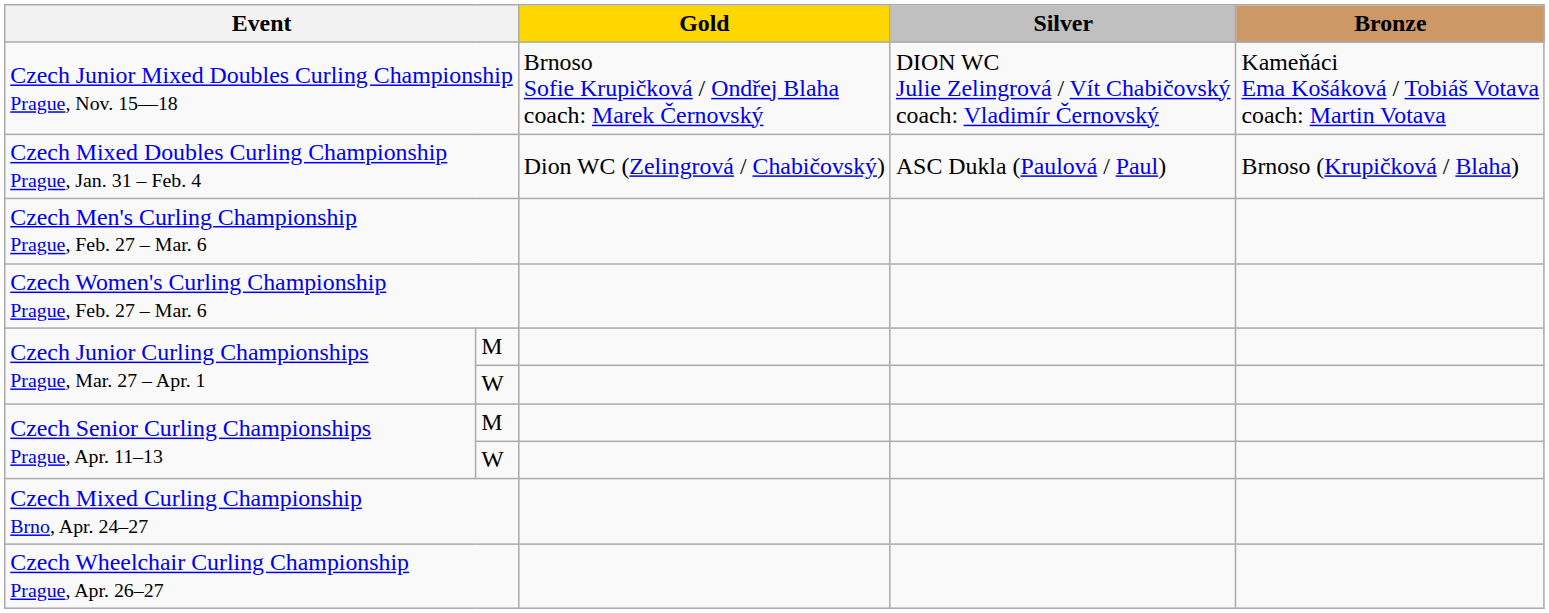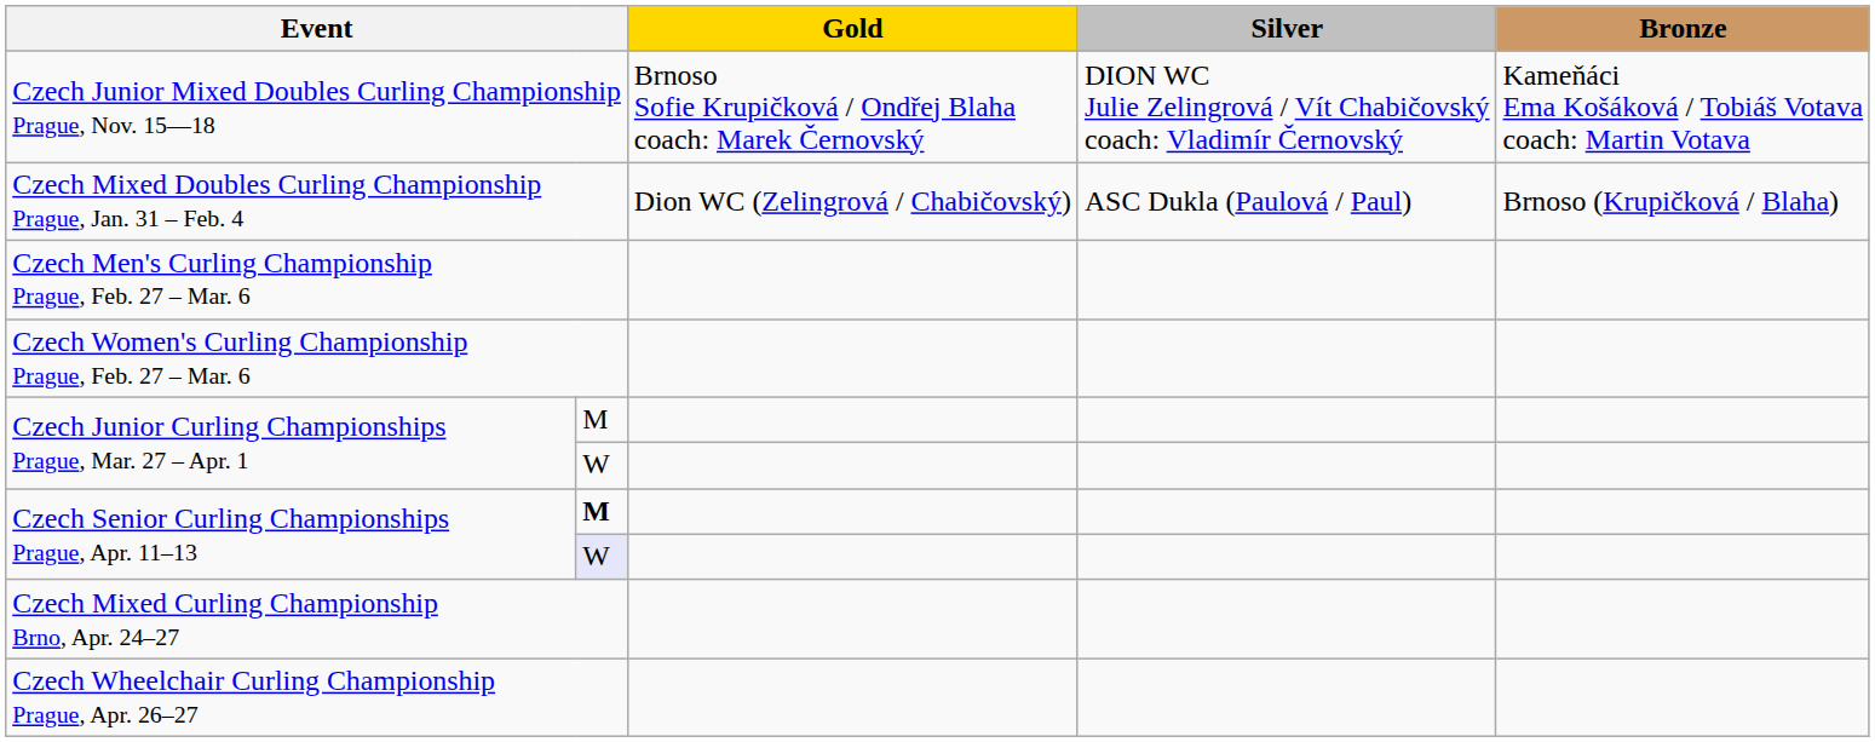 <table class="wikitable">
 <tr>
 <th colspan="2">Event</th>
 <th style="background:gold">Gold</th>
 <th style="background:silver">Silver</th>
 <th style="background:#cc9966">Bronze</th>
 </tr>
 <tr>
 <td colspan="2"><a href='#'>Czech Junior Mixed Doubles Curling Championship</a> <br> <small><a href='#'>Prague</a>, Nov. 15—18</small></td>
 <td>Brnoso<br><a href='#'>Sofie Krupičková</a> / <a href='#'>Ondřej Blaha</a><br>coach: <a href='#'>Marek Černovský</a></td>
 <td>DION WC<br><a href='#'>Julie Zelingrová</a> / <a href='#'>Vít Chabičovský</a><br>coach: <a href='#'>Vladimír Černovský</a></td>
 <td>Kameňáci<br><a href='#'>Ema Košáková</a> / <a href='#'>Tobiáš Votava</a><br>coach: <a href='#'>Martin Votava</a></td>
 </tr>
 <tr>
 <td colspan="2"><a href='#'>Czech Mixed Doubles Curling Championship</a> <br> <small><a href='#'>Prague</a>, Jan. 31 – Feb. 4</small></td>
 <td>Dion WC (<a href='#'>Zelingrová</a> / <a href='#'>Chabičovský</a>)</td>
 <td>ASC Dukla (<a href='#'>Paulová</a> / <a href='#'>Paul</a>)</td>
 <td>Brnoso (<a href='#'>Krupičková</a> / <a href='#'>Blaha</a>)</td>
 </tr>
 <tr>
 <td colspan="2"><a href='#'>Czech Men's Curling Championship</a> <br> <small><a href='#'>Prague</a>, Feb. 27 – Mar. 6</small></td>
 <td></td>
 <td></td>
 <td></td>
 </tr>
 <tr>
 <td colspan="2"><a href='#'>Czech Women's Curling Championship</a> <br> <small><a href='#'>Prague</a>, Feb. 27 – Mar. 6</small></td>
 <td></td>
 <td></td>
 <td></td>
 </tr>
 <tr>
 <td rowspan="2"><a href='#'>Czech Junior Curling Championships</a> <br> <small><a href='#'>Prague</a>, Mar. 27 – Apr. 1</small></td>
 <td>M</td>
 <td></td>
 <td></td>
 <td></td>
 </tr>
 <tr>
 <td>W</td>
 <td></td>
 <td></td>
 <td></td>
 </tr>
 <tr>
 <td rowspan="2"><a href='#'>Czech Senior Curling Championships</a> <br> <small><a href='#'>Prague</a>, Apr. 11–13</small></td>
-<td>M</td>
+<td><strong>M</strong></td>
 <td></td>
 <td></td>
 <td></td>
 </tr>
 <tr>
-<td>W</td>
+<td style="background: lavender;">W</td>
 <td></td>
 <td></td>
 <td></td>
 </tr>
 <tr>
 <td colspan="2"><a href='#'>Czech Mixed Curling Championship</a> <br> <small><a href='#'>Brno</a>, Apr. 24–27</small></td>
 <td></td>
 <td></td>
 <td></td>
 </tr>
 <tr>
 <td colspan="2"><a href='#'>Czech Wheelchair Curling Championship</a> <br> <small><a href='#'>Prague</a>, Apr. 26–27</small></td>
 <td></td>
 <td></td>
 <td></td>
 </tr>
 </table>
